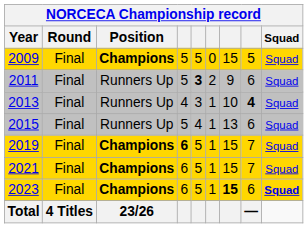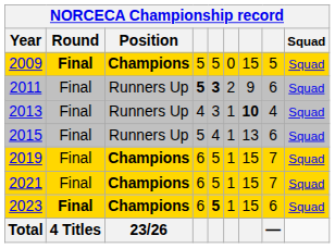 <table class="wikitable" style="text-align: center;">
 <tr>
 <th colspan=9><a href='#'>NORCECA Championship record</a></th>
 </tr>
 <tr>
 <th>Year</th>
 <th>Round</th>
 <th>Position</th>
 <th></th>
 <th></th>
 <th></th>
 <th></th>
 <th></th>
 <th><small>Squad</small></th>
 </tr>
 <tr bgcolor=gold>
 <td> <a href='#'>2009</a></td>
-<td>Final</td>
+<td><strong>Final</strong></td>
 <td><strong>Champions</strong></td>
 <td>5</td>
 <td>5</td>
 <td>0</td>
 <td>15</td>
 <td>5</td>
 <td><small><a href='#'>Squad</a></small></td>
 </tr>
 <tr bgcolor=silver>
 <td> <a href='#'>2011</a></td>
 <td>Final</td>
 <td>Runners Up</td>
-<td>5</td>
+<td><strong>5</strong></td>
 <td><strong>3</strong></td>
 <td>2</td>
 <td>9</td>
 <td>6</td>
 <td><small><a href='#'>Squad</a></small></td>
 </tr>
 <tr bgcolor=silver>
 <td> <a href='#'>2013</a></td>
 <td>Final</td>
 <td>Runners Up</td>
 <td>4</td>
 <td>3</td>
 <td>1</td>
-<td>10</td>
-<td><strong>4</strong></td>
+<td><strong>10</strong></td>
+<td>4</td>
 <td><small><a href='#'>Squad</a></small></td>
 </tr>
 <tr bgcolor=silver>
 <td> <a href='#'>2015</a></td>
 <td>Final</td>
 <td>Runners Up</td>
 <td>5</td>
 <td>4</td>
 <td>1</td>
 <td>13</td>
 <td>6</td>
 <td><small><a href='#'>Squad</a></small></td>
 </tr>
 <tr bgcolor=gold>
 <td> <a href='#'>2019</a></td>
 <td>Final</td>
 <td><strong>Champions</strong></td>
-<td><strong>6</strong></td>
+<td>6</td>
 <td>5</td>
 <td>1</td>
 <td>15</td>
 <td>7</td>
 <td><small><a href='#'>Squad</a></small></td>
 </tr>
 <tr bgcolor=gold>
 <td> <a href='#'>2021</a></td>
 <td>Final</td>
 <td><strong>Champions</strong></td>
 <td>6</td>
 <td>5</td>
 <td>1</td>
 <td>15</td>
 <td>7</td>
 <td><small><a href='#'>Squad</a></small></td>
 </tr>
 <tr bgcolor=gold>
 <td> <a href='#'>2023</a></td>
-<td>Final</td>
+<td><strong>Final</strong></td>
 <td><strong>Champions</strong></td>
 <td>6</td>
-<td>5</td>
+<td><strong>5</strong></td>
 <td>1</td>
-<td><strong>15</strong></td>
+<td>15</td>
 <td>6</td>
-<td><strong><small><a href='#'>Squad</a></small></strong></td>
+<td><small><a href='#'>Squad</a></small></td>
 </tr>
 <tr>
 <th>Total</th>
 <th>4 Titles</th>
 <th>23/26</th>
 <th></th>
 <th></th>
 <th></th>
 <th></th>
 <th>—</th>
 </tr>
 </table>
